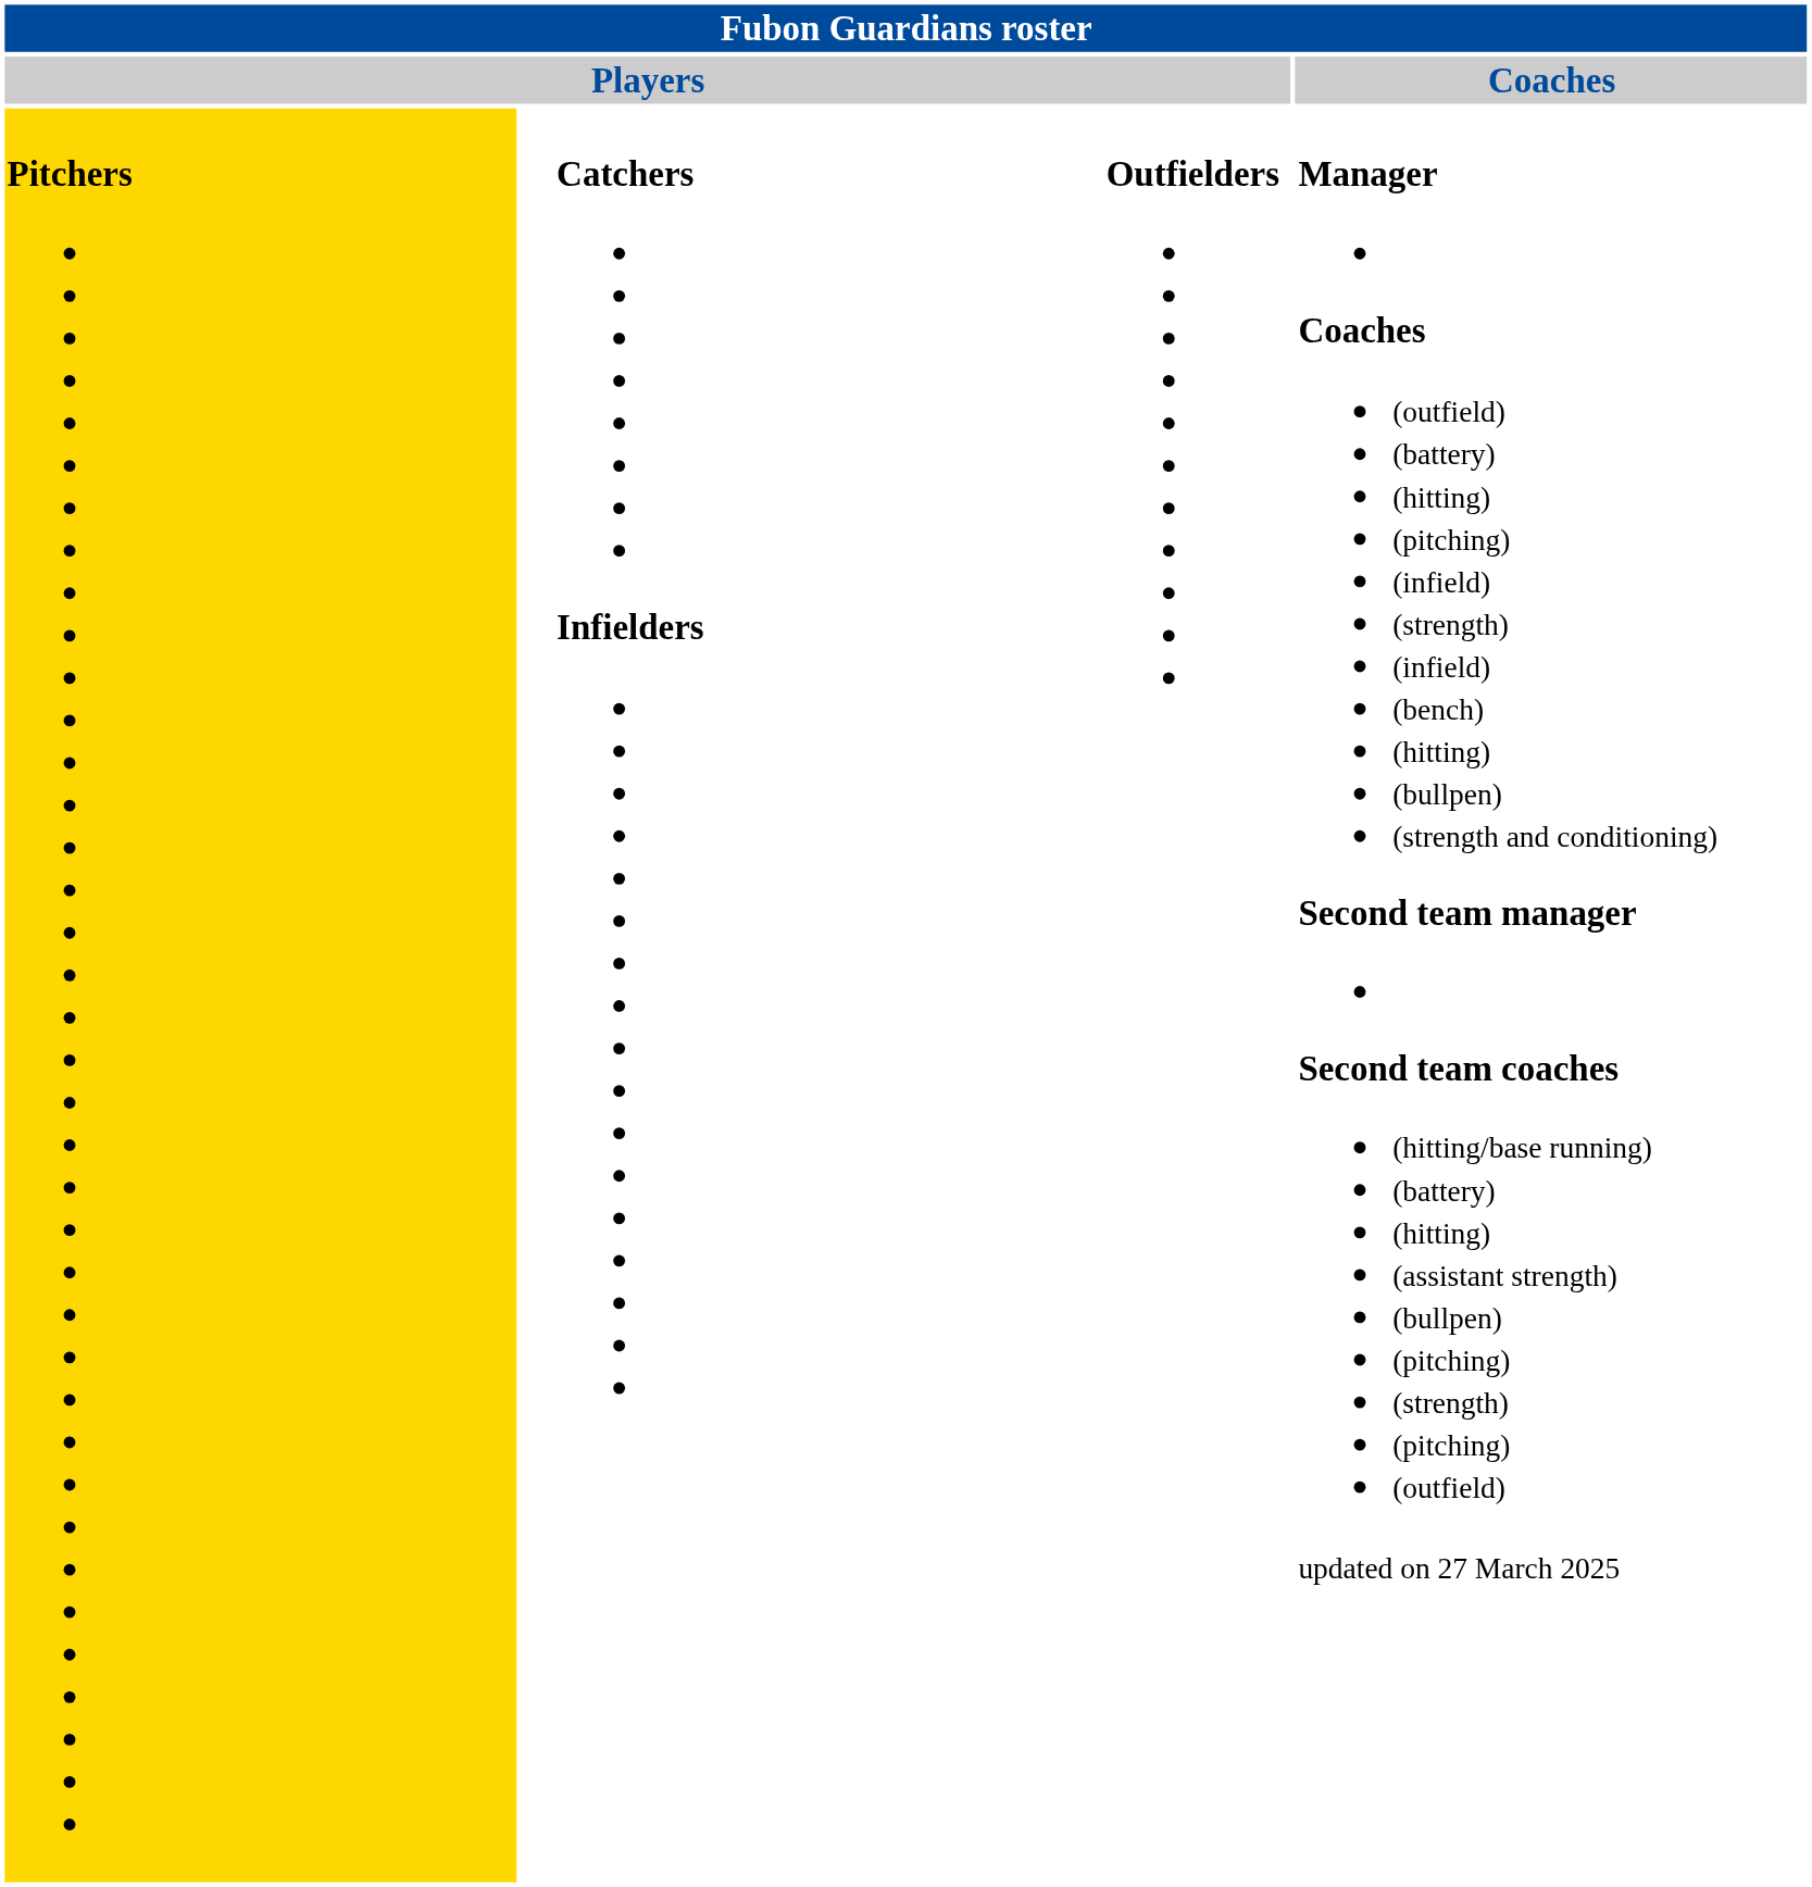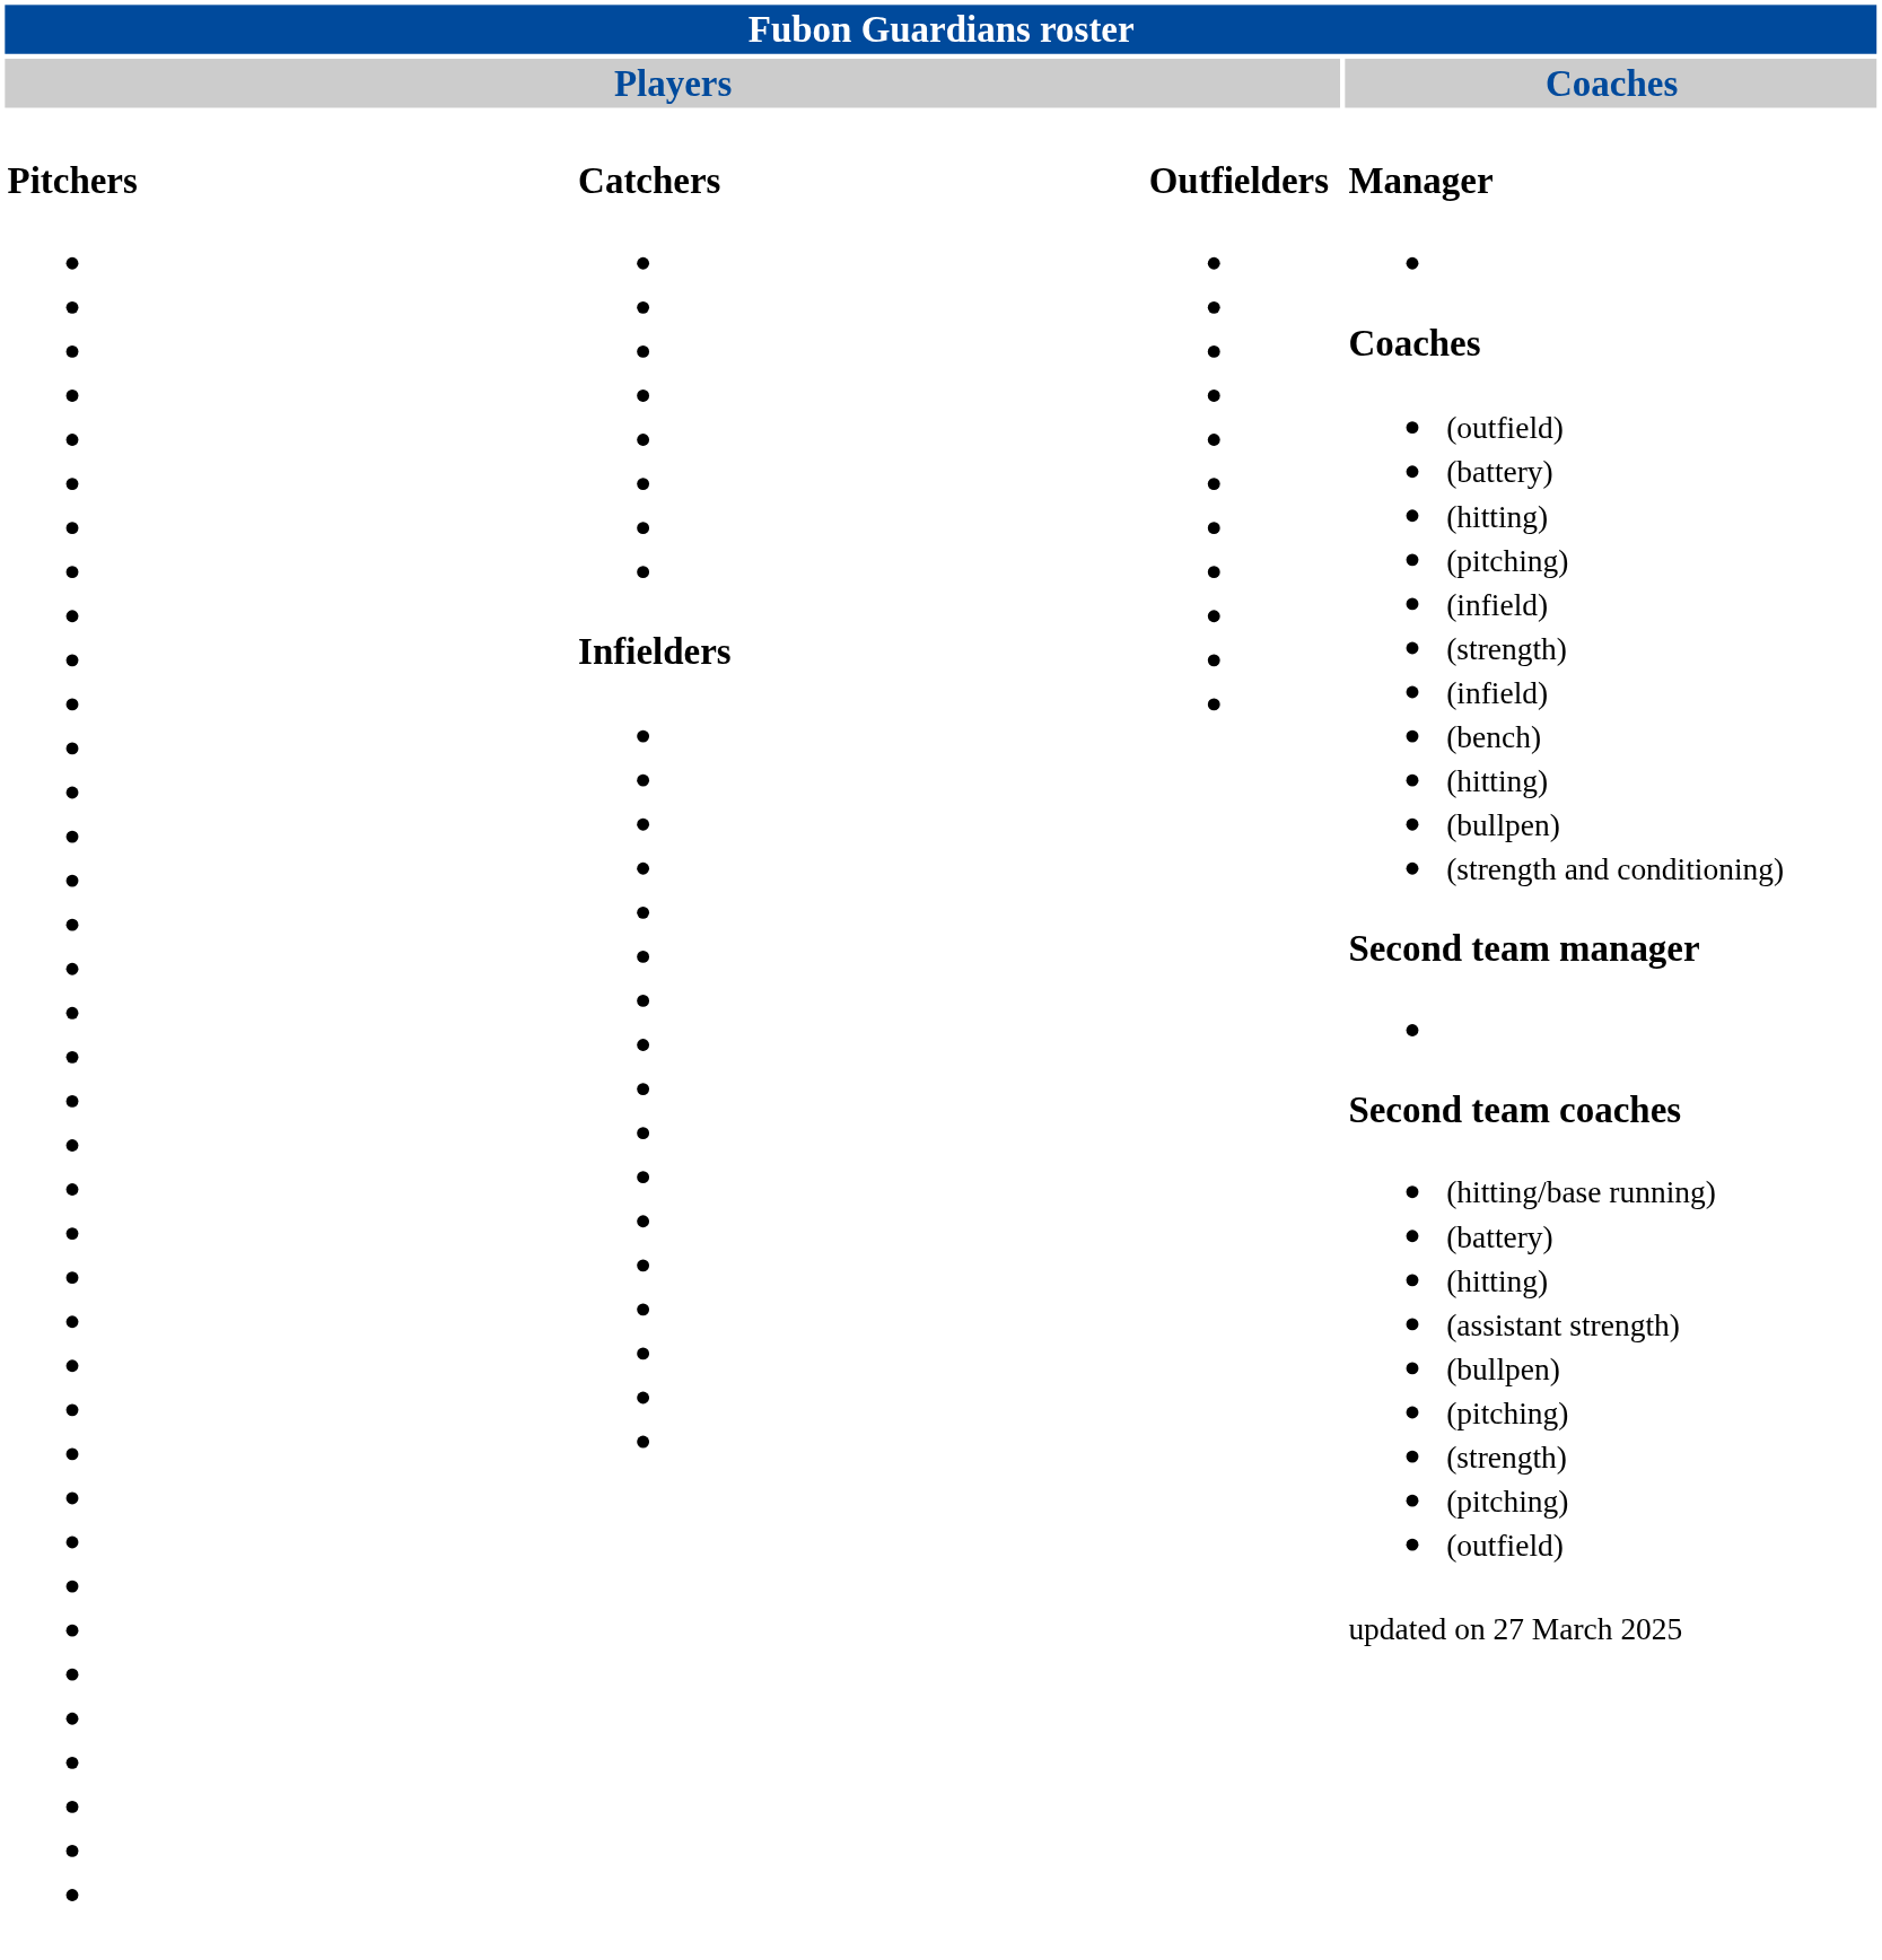 <table class="toccolours" style="font-size: 95%;">
 <tr>
 <th colspan="10" style="background-color: #004A9C; color: #FFFFFF; text-align: center;">Fubon Guardians roster</th>
 </tr>
 <tr>
 <td colspan="6" style="background-color:#CCCCCC; color: #004A9C; text-align: center;" width="440"><strong>Players</strong></td>
 <td colspan="2" style="background-color:#CCCCCC; color: #004A9C; text-align: center;" width="215"><strong>Coaches</strong></td>
 </tr>
 <tr>
-<td style="background: gold; vertical-align:top;" width="215"><br><strong>Pitchers</strong><ul><li></li><li></li><li></li><li></li><li></li><li></li><li></li><li></li><li></li><li></li><li></li><li></li><li></li><li></li><li></li><li></li><li></li><li></li><li></li><li></li><li></li><li></li><li></li><li></li><li></li><li></li><li></li><li></li><li></li><li></li><li></li><li></li><li></li><li></li><li></li><li></li><li></li><li></li></ul></td>
+<td style="vertical-align:top;" width="215"><br><strong>Pitchers</strong><ul><li></li><li></li><li></li><li></li><li></li><li></li><li></li><li></li><li></li><li></li><li></li><li></li><li></li><li></li><li></li><li></li><li></li><li></li><li></li><li></li><li></li><li></li><li></li><li></li><li></li><li></li><li></li><li></li><li></li><li></li><li></li><li></li><li></li><li></li><li></li><li></li><li></li><li></li></ul></td>
 <td width="10px"></td>
 <td style="vertical-align:top;" width="215"><br><strong>Catchers</strong><ul><li></li><li></li><li></li><li></li><li></li><li></li><li></li><li></li></ul><strong>Infielders</strong><ul><li></li><li></li><li></li><li></li><li></li><li></li><li></li><li></li><li></li><li></li><li></li><li></li><li></li><li></li><li></li><li></li><li></li></ul></td>
 <td width="10px"></td>
 <td style="vertical-align:top;"><br><strong>Outfielders</strong><ul><li></li><li></li><li></li><li></li><li></li><li></li><li></li><li></li><li></li><li></li><li></li></ul></td>
 <td style="vertical-align:top;"></td>
 <td style="vertical-align:top;"><br><strong>Manager</strong><ul><li></li></ul><strong>Coaches</strong><ul><li> <small>(outfield)</small></li><li> <small>(battery)</small></li><li> <small>(hitting)</small></li><li> <small>(pitching)</small></li><li> <small>(infield)</small></li><li> <small>(strength)</small></li><li> <small>(infield)</small></li><li> <small>(bench)</small></li><li> <small>(hitting)</small></li><li> <small>(bullpen)</small></li><li> <small>(strength and conditioning)</small></li></ul><strong>Second team manager</strong><ul><li></li></ul><strong>Second team coaches</strong><ul><li> <small>(hitting/base running)</small></li><li> <small>(battery)</small></li><li> <small>(hitting)</small></li><li> <small>(assistant strength)</small></li><li> <small>(bullpen)</small></li><li> <small>(pitching)</small></li><li> <small>(strength)</small></li><li> <small>(pitching)</small></li><li> <small>(outfield)</small></li></ul><small> <span></span> updated on 27 March 2025</small></td>
 </tr>
 </table>
